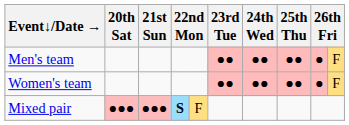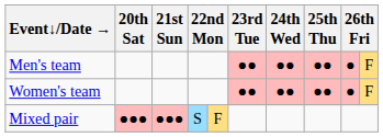 <table class="wikitable" style="margin:0.5em auto; font-size:90%; line-height:1.25em; text-align:center">
 <tr>
 <th>Event↓/Date →</th>
 <th>20th<br>Sat</th>
 <th>21st<br>Sun</th>
 <th colspan=2>22nd<br>Mon</th>
 <th>23rd<br>Tue</th>
 <th>24th<br>Wed</th>
 <th>25th<br>Thu</th>
 <th colspan=2>26th<br>Fri</th>
 </tr>
 <tr>
 <td align="left"><a href='#'>Men's team</a></td>
 <td></td>
 <td></td>
 <td colspan=2></td>
 <td bgcolor="#FFBBBB">●●</td>
 <td bgcolor="#FFBBBB">●●</td>
 <td bgcolor="#FFBBBB">●●</td>
 <td bgcolor="#FFBBBB">●</td>
 <td bgcolor="#FFDF80">F</td>
 </tr>
 <tr>
 <td align="left"><a href='#'>Women's team</a></td>
 <td></td>
 <td></td>
 <td colspan=2></td>
 <td bgcolor="#FFBBBB">●●</td>
 <td bgcolor="#FFBBBB">●●</td>
 <td bgcolor="#FFBBBB">●●</td>
 <td bgcolor="#FFBBBB">●</td>
 <td bgcolor="#FFDF80">F</td>
 </tr>
 <tr>
 <td align="left"><a href='#'>Mixed pair</a></td>
 <td bgcolor="#FFBBBB">●●●</td>
 <td bgcolor="#FFBBBB">●●●</td>
-<td bgcolor="#97DEFF"><strong>S</strong></td>
+<td bgcolor="#97DEFF">S</td>
 <td bgcolor="#FFDF80">F</td>
 <td></td>
 <td></td>
 <td></td>
 <td colspan=2></td>
 </tr>
 </table>
